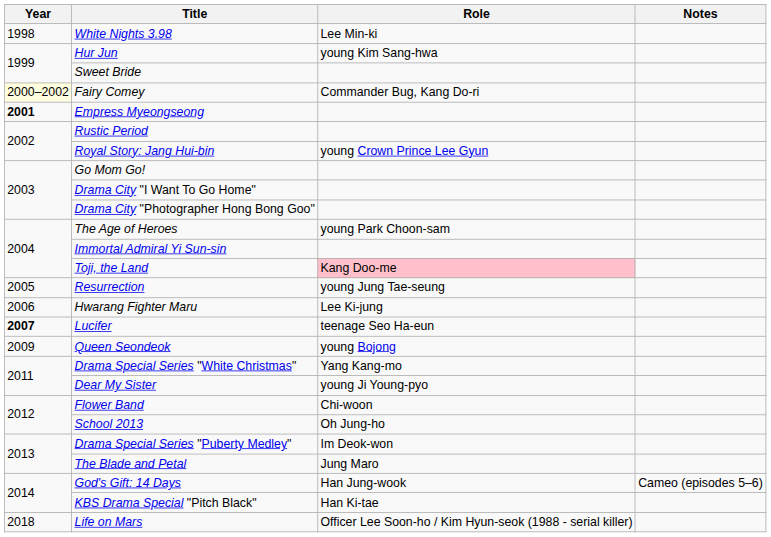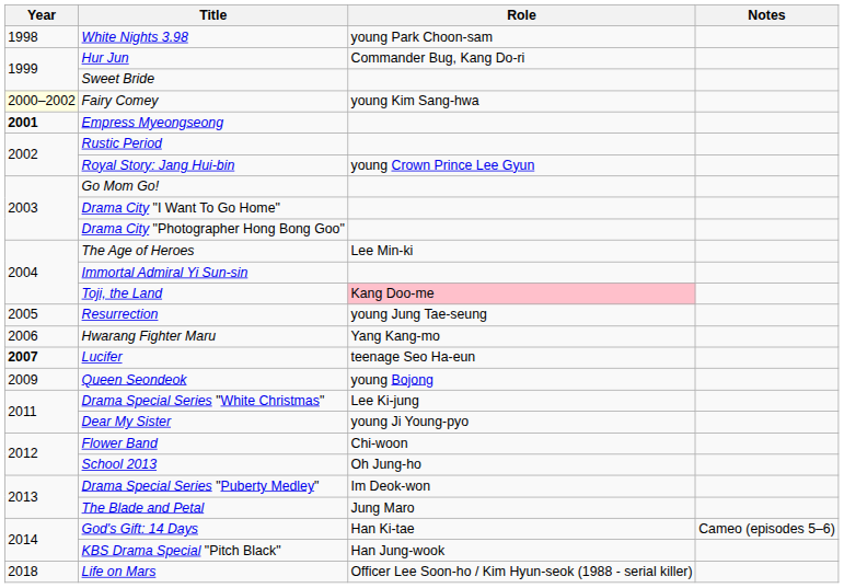 <table class="wikitable">
 <tr>
 <th>Year</th>
 <th>Title</th>
 <th>Role</th>
 <th>Notes</th>
 </tr>
 <tr>
 <td>1998</td>
 <td><em><a href='#'>White Nights 3.98</a></em></td>
-<td>Lee Min-ki</td>
+<td>young Park Choon-sam</td>
 <td></td>
 </tr>
 <tr>
 <td rowspan=2>1999</td>
 <td><em><a href='#'>Hur Jun</a></em></td>
-<td>young Kim Sang-hwa</td>
+<td>Commander Bug, Kang Do-ri</td>
 <td></td>
 </tr>
 <tr>
 <td><em>Sweet Bride</em></td>
 <td></td>
 <td></td>
 </tr>
 <tr>
 <td style="background: lightyellow;">2000–2002</td>
 <td><em>Fairy Comey</em></td>
-<td>Commander Bug, Kang Do-ri</td>
+<td>young Kim Sang-hwa</td>
 <td></td>
 </tr>
 <tr>
 <td><strong>2001</strong></td>
 <td><em><a href='#'>Empress Myeongseong</a></em></td>
 <td></td>
 <td></td>
 </tr>
 <tr>
 <td rowspan=2>2002</td>
 <td><em><a href='#'>Rustic Period</a></em></td>
 <td></td>
 <td></td>
 </tr>
 <tr>
 <td><em><a href='#'>Royal Story: Jang Hui-bin</a></em></td>
 <td>young <a href='#'>Crown Prince Lee Gyun</a></td>
 <td></td>
 </tr>
 <tr>
 <td rowspan=3>2003</td>
 <td><em>Go Mom Go!</em></td>
 <td></td>
 <td></td>
 </tr>
 <tr>
 <td><em><a href='#'>Drama City</a></em> "I Want To Go Home"</td>
 <td></td>
 <td></td>
 </tr>
 <tr>
 <td><em><a href='#'>Drama City</a></em> "Photographer Hong Bong Goo"</td>
 <td></td>
 <td></td>
 </tr>
 <tr>
 <td rowspan=3>2004</td>
 <td><em>The Age of Heroes</em></td>
-<td>young Park Choon-sam</td>
+<td>Lee Min-ki</td>
 <td></td>
 </tr>
 <tr>
 <td><em><a href='#'>Immortal Admiral Yi Sun-sin</a></em></td>
 <td></td>
 <td></td>
 </tr>
 <tr>
 <td><em><a href='#'>Toji, the Land</a></em></td>
 <td style="background: pink;">Kang Doo-me</td>
 <td></td>
 </tr>
 <tr>
 <td>2005</td>
 <td><em><a href='#'>Resurrection</a></em></td>
 <td>young Jung Tae-seung</td>
 <td></td>
 </tr>
 <tr>
 <td>2006</td>
 <td><em>Hwarang Fighter Maru</em></td>
-<td>Lee Ki-jung</td>
+<td>Yang Kang-mo</td>
 <td></td>
 </tr>
 <tr>
 <td><strong>2007</strong></td>
 <td><em><a href='#'>Lucifer</a></em></td>
 <td>teenage Seo Ha-eun</td>
 <td></td>
 </tr>
 <tr>
 <td>2009</td>
 <td><em><a href='#'>Queen Seondeok</a></em></td>
 <td>young <a href='#'>Bojong</a></td>
 <td></td>
 </tr>
 <tr>
 <td rowspan=2>2011</td>
 <td><em><a href='#'>Drama Special Series</a></em> "<a href='#'>White Christmas</a>"</td>
-<td>Yang Kang-mo</td>
+<td>Lee Ki-jung</td>
 <td></td>
 </tr>
 <tr>
 <td><em><a href='#'>Dear My Sister</a></em></td>
 <td>young Ji Young-pyo</td>
 <td></td>
 </tr>
 <tr>
 <td rowspan=2>2012</td>
 <td><em><a href='#'>Flower Band</a></em></td>
 <td>Chi-woon</td>
 <td></td>
 </tr>
 <tr>
 <td><em><a href='#'>School 2013</a></em></td>
 <td>Oh Jung-ho</td>
 <td></td>
 </tr>
 <tr>
 <td rowspan=2>2013</td>
 <td><em><a href='#'>Drama Special Series</a></em> "<a href='#'>Puberty Medley</a>"</td>
 <td>Im Deok-won</td>
 <td></td>
 </tr>
 <tr>
 <td><em><a href='#'>The Blade and Petal</a></em></td>
 <td>Jung Maro</td>
 <td></td>
 </tr>
 <tr>
 <td rowspan=2>2014</td>
 <td><em><a href='#'>God's Gift: 14 Days</a></em></td>
-<td>Han Jung-wook</td>
+<td>Han Ki-tae</td>
 <td>Cameo  (episodes 5–6)</td>
 </tr>
 <tr>
 <td><em><a href='#'>KBS Drama Special</a></em> "Pitch Black"</td>
-<td>Han Ki-tae</td>
+<td>Han Jung-wook</td>
 <td></td>
 </tr>
 <tr>
 <td>2018</td>
 <td><em><a href='#'>Life on Mars</a></em></td>
 <td>Officer Lee Soon-ho / Kim Hyun-seok (1988 - serial killer)</td>
 <td></td>
 </tr>
 </table>
